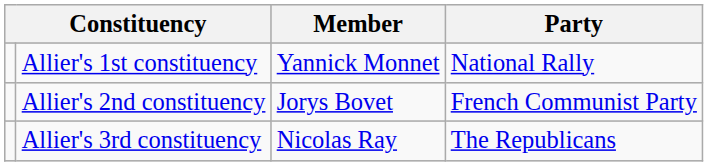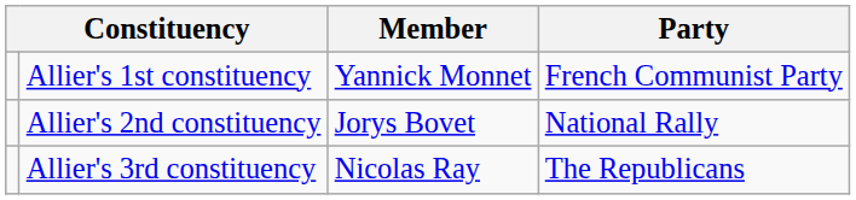 <table class="wikitable">
 <tr>
 <th colspan="2">Constituency</th>
 <th>Member</th>
 <th>Party</th>
 </tr>
 <tr>
 <td style="background-color: "></td>
 <td><a href='#'>Allier's 1st constituency</a></td>
 <td><a href='#'>Yannick Monnet</a></td>
-<td><a href='#'>National Rally</a></td>
+<td><a href='#'>French Communist Party</a></td>
 </tr>
 <tr>
 <td style="background-color: "></td>
 <td><a href='#'>Allier's 2nd constituency</a></td>
 <td><a href='#'>Jorys Bovet</a></td>
-<td><a href='#'>French Communist Party</a></td>
+<td><a href='#'>National Rally</a></td>
 </tr>
 <tr>
 <td style="background-color: "></td>
 <td><a href='#'>Allier's 3rd constituency</a></td>
 <td><a href='#'>Nicolas Ray</a></td>
 <td><a href='#'>The Republicans</a></td>
 </tr>
 </table>
